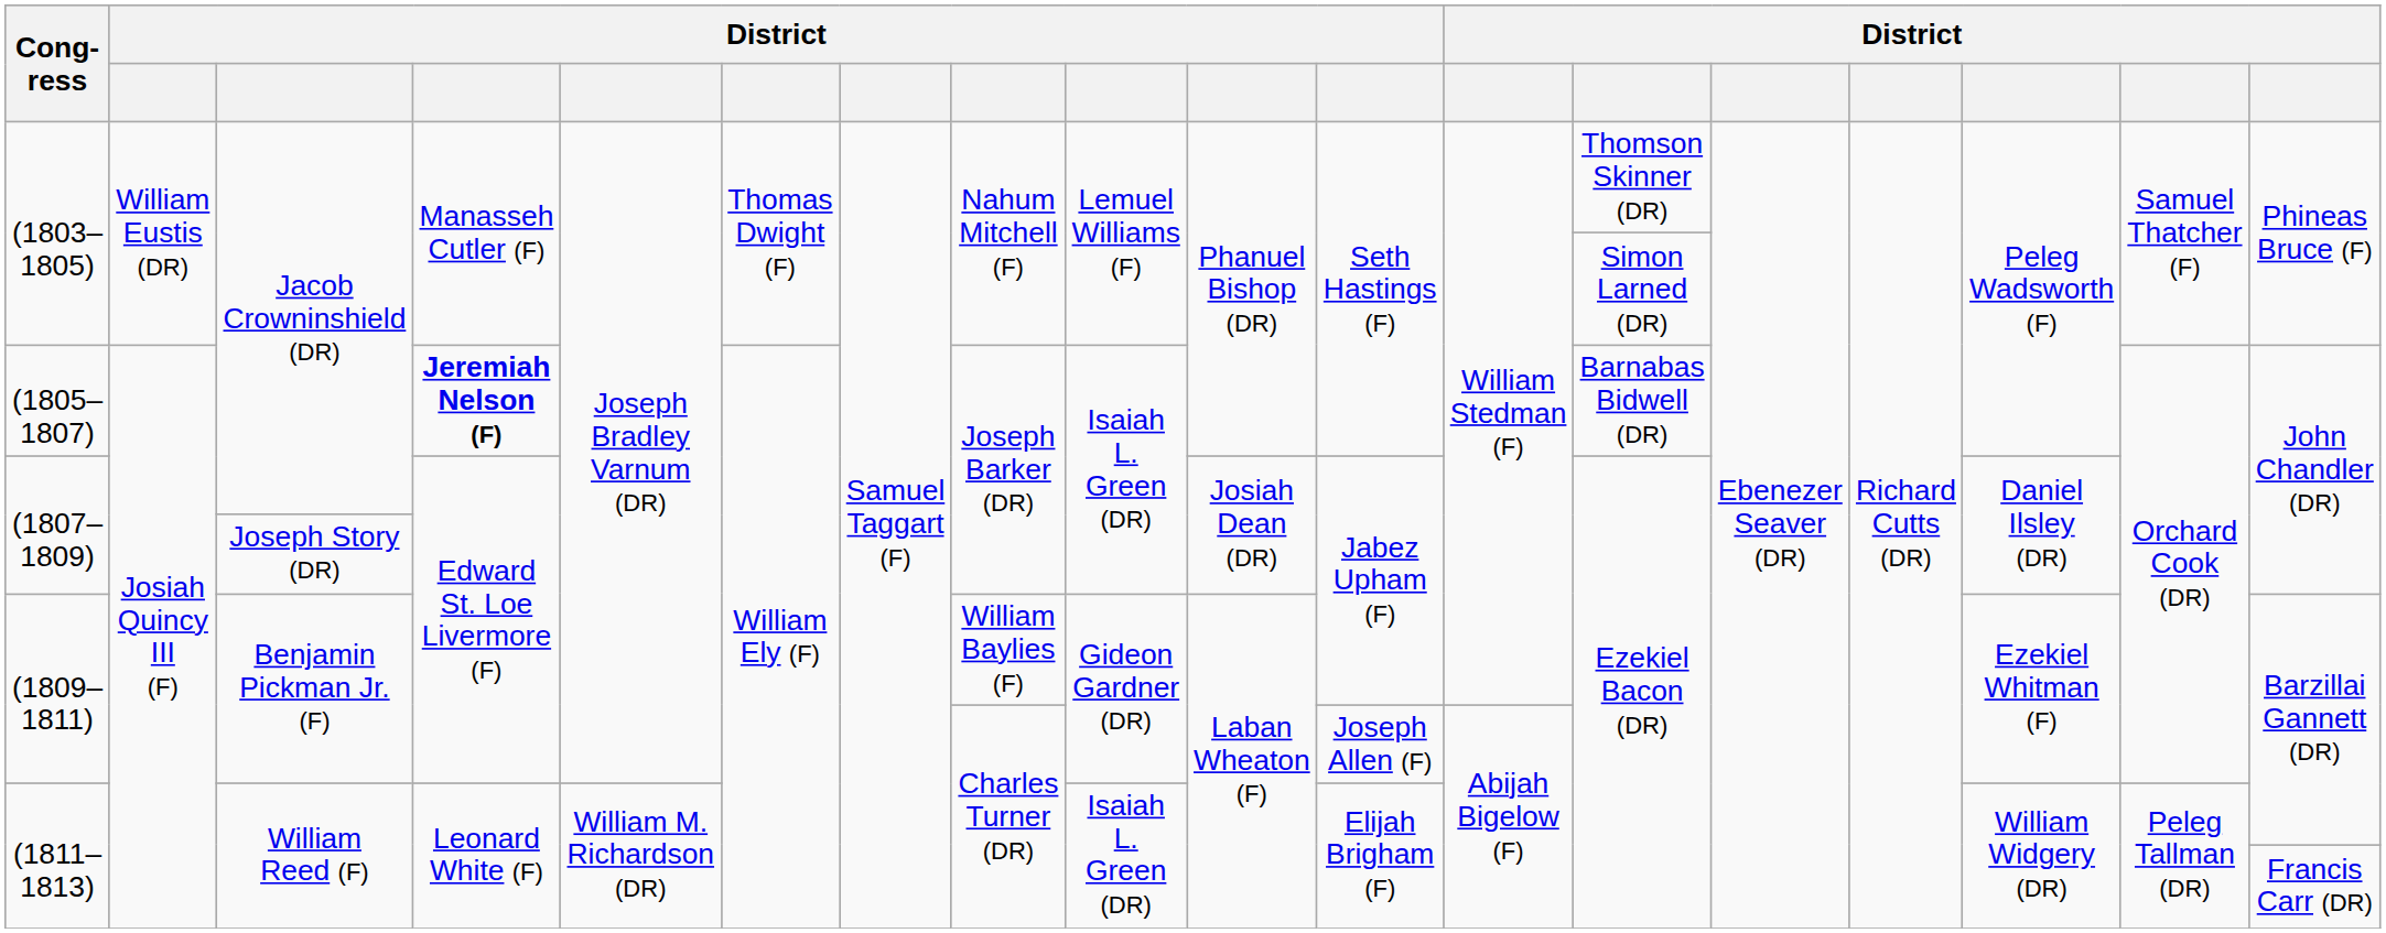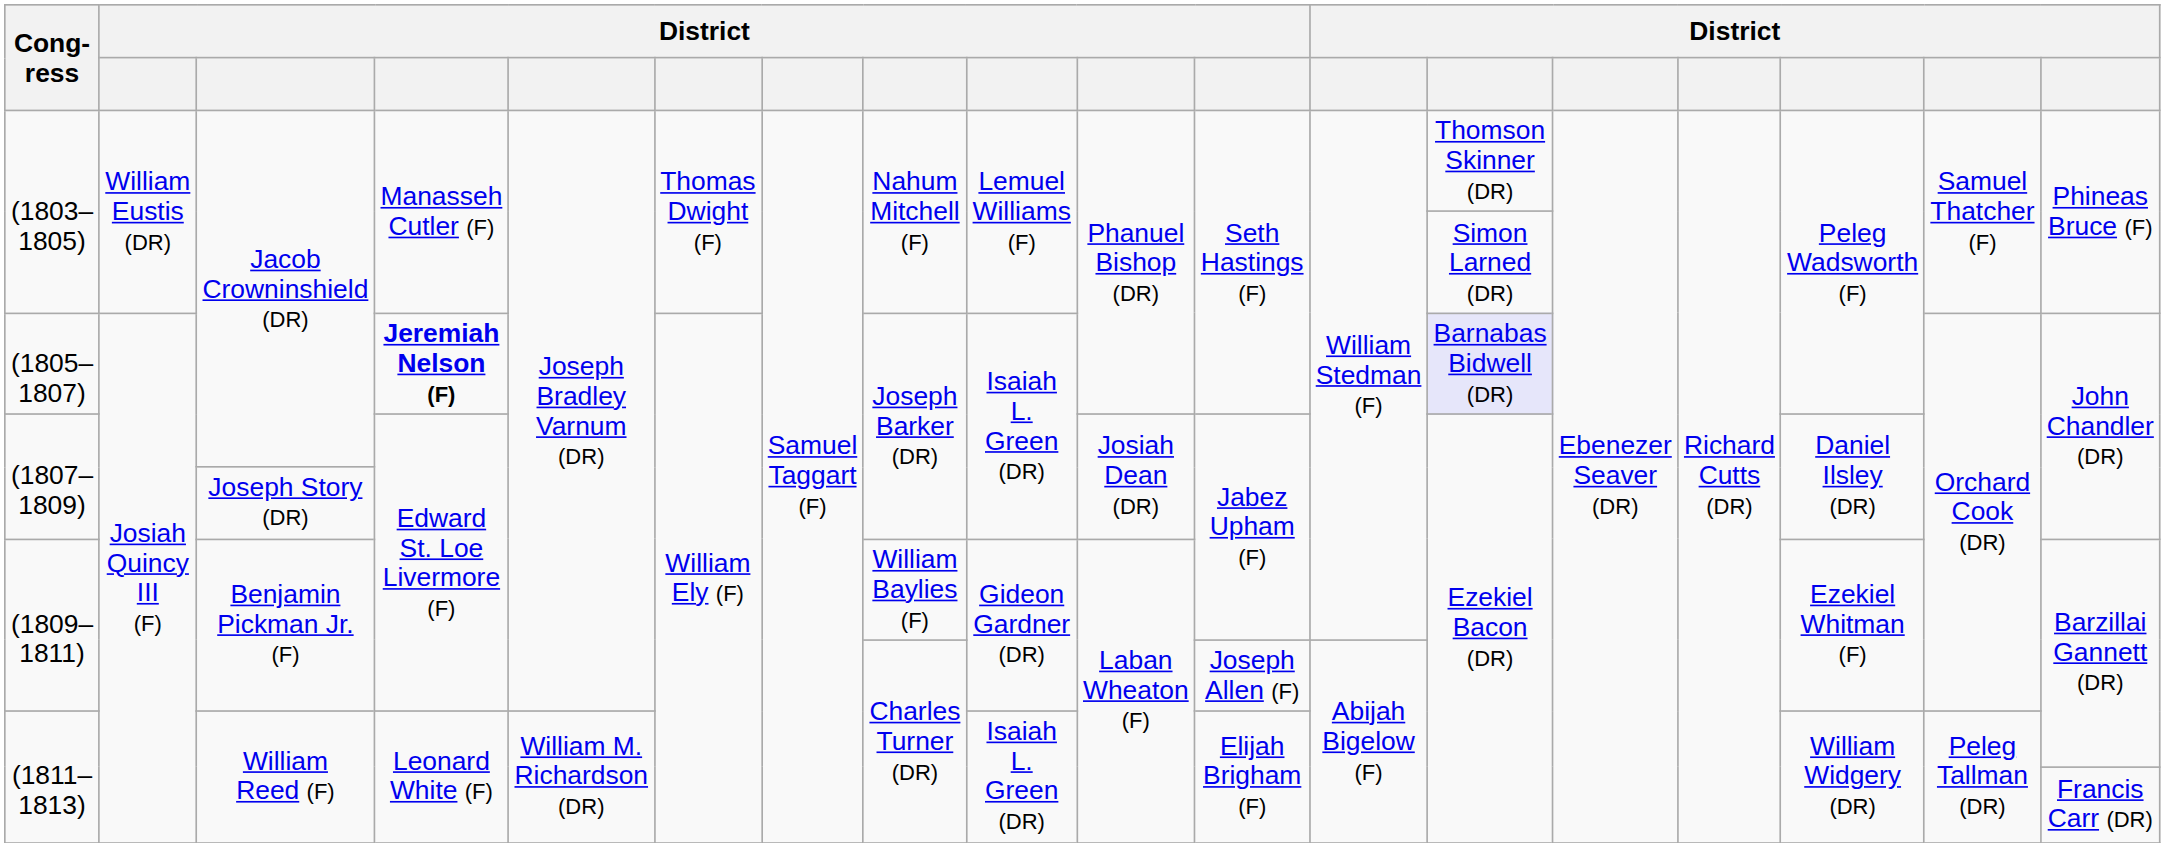 <table class=wikitable style="text-align:center">
 <tr style="height:2em">
 <th rowspan=2>Cong­ress</th>
 <th colspan=10>District</th>
 <th colspan=7>District</th>
 </tr>
 <tr style="height:2em">
 <th></th>
 <th></th>
 <th></th>
 <th></th>
 <th></th>
 <th></th>
 <th></th>
 <th></th>
 <th></th>
 <th></th>
 <th></th>
 <th></th>
 <th></th>
 <th></th>
 <th></th>
 <th></th>
 <th></th>
 </tr>
 <tr style="height:2em">
 <td scope=row rowspan=2><strong></strong><br>(1803–1805)</td>
 <td rowspan=2 ><a href='#'>William<br>Eustis</a> <small>(DR)</small></td>
 <td rowspan=4 ><a href='#'>Jacob<br>Crowninshield</a><br><small>(DR)</small></td>
 <td rowspan=2 ><a href='#'>Manasseh<br>Cutler</a> <small>(F)</small></td>
 <td rowspan=7 ><a href='#'>Joseph<br>Bradley<br>Varnum</a><br><small>(DR)</small></td>
 <td rowspan=2 ><a href='#'>Thomas<br>Dwight</a> <small>(F)</small></td>
 <td rowspan=9 ><a href='#'>Samuel<br>Taggart</a><br><small>(F)</small></td>
 <td rowspan=2 ><a href='#'>Nahum<br>Mitchell</a> <small>(F)</small></td>
 <td rowspan=2 ><a href='#'>Lemuel<br>Williams</a> <small>(F)</small></td>
 <td rowspan=3 ><a href='#'>Phanuel<br>Bishop</a><br><small>(DR)</small></td>
 <td rowspan=3 ><a href='#'>Seth<br>Hastings</a> <small>(F)</small></td>
 <td rowspan=6 ><a href='#'>William<br>Stedman</a><br><small>(F)</small></td>
 <td><a href='#'>Thomson Skinner</a> <small>(DR)</small></td>
 <td rowspan=9 ><a href='#'>Ebenezer<br>Seaver</a><br><small>(DR)</small></td>
 <td rowspan=9 ><a href='#'>Richard<br>Cutts</a><br><small>(DR)</small></td>
 <td rowspan=3 ><a href='#'>Peleg<br>Wadsworth</a><br><small>(F)</small></td>
 <td rowspan=2 ><a href='#'>Samuel<br>Thatcher</a> <small>(F)</small></td>
 <td rowspan=2 ><a href='#'>Phineas<br>Bruce</a> <small>(F)</small></td>
 </tr>
 <tr style="height:2em">
 <td><a href='#'>Simon Larned</a> <small>(DR)</small></td>
 </tr>
 <tr style="height:2em">
 <td scope=row><strong></strong><br>(1805–1807)</td>
 <td rowspan=7 ><a href='#'>Josiah<br>Quincy III</a><br><small>(F)</small></td>
 <td><strong><a href='#'>Jeremiah<br>Nelson</a> <small>(F)</small></strong></td>
 <td rowspan=7 ><a href='#'>William<br>Ely</a> <small>(F)</small></td>
 <td rowspan=3 ><a href='#'>Joseph<br>Barker</a> <small>(DR)</small></td>
 <td rowspan=3 ><a href='#'>Isaiah L.<br>Green</a><br><small>(DR)</small></td>
-<td><a href='#'>Barnabas<br>Bidwell</a> <small>(DR)</small></td>
+<td style="background: lavender;"><a href='#'>Barnabas<br>Bidwell</a> <small>(DR)</small></td>
 <td rowspan=5 ><a href='#'>Orchard<br>Cook</a><br><small>(DR)</small></td>
 <td rowspan=3 ><a href='#'>John<br>Chandler</a><br><small>(DR)</small></td>
 </tr>
 <tr style="height:2em">
 <td scope=row rowspan=2><strong></strong><br>(1807–1809)</td>
 <td rowspan=4 ><a href='#'>Edward<br>St. Loe<br>Livermore</a><br><small>(F)</small></td>
 <td rowspan=2 ><a href='#'>Josiah<br>Dean</a> <small>(DR)</small></td>
 <td rowspan=3 ><a href='#'>Jabez<br>Upham</a> <small>(F)</small></td>
 <td rowspan=6 ><a href='#'>Ezekiel<br>Bacon</a> <small>(DR)</small></td>
 <td rowspan=2 ><a href='#'>Daniel<br>Ilsley</a><br><small>(DR)</small></td>
 </tr>
 <tr style="height:2em">
 <td><a href='#'>Joseph Story</a> <small>(DR)</small></td>
 </tr>
 <tr style="height:2em">
 <td scope=row rowspan=2><strong></strong><br>(1809–1811)</td>
 <td rowspan=2 ><a href='#'>Benjamin<br>Pickman Jr.</a> <small>(F)</small></td>
 <td><a href='#'>William Baylies</a> <small>(F)</small></td>
 <td rowspan=2 ><a href='#'>Gideon<br>Gardner</a><br><small>(DR)</small></td>
 <td rowspan=4 ><a href='#'>Laban<br>Wheaton</a><br><small>(F)</small></td>
 <td rowspan=2 ><a href='#'>Ezekiel<br>Whitman</a><br><small>(F)</small></td>
 <td rowspan=3 ><a href='#'>Barzillai<br>Gannett</a><br><small>(DR)</small></td>
 </tr>
 <tr style="height:2em">
 <td rowspan=3 ><a href='#'>Charles Turner</a> <small>(DR)</small></td>
 <td><a href='#'>Joseph Allen</a> <small>(F)</small></td>
 <td rowspan=3 ><a href='#'>Abijah<br>Bigelow</a><br><small>(F)</small></td>
 </tr>
 <tr style="height:2em">
 <td scope=row rowspan=2><strong></strong><br>(1811–1813)</td>
 <td rowspan=2 ><a href='#'>William<br>Reed</a> <small>(F)</small></td>
 <td rowspan=2 ><a href='#'>Leonard<br>White</a> <small>(F)</small></td>
 <td rowspan=2 ><a href='#'>William M.<br>Richardson</a><br><small>(DR)</small></td>
 <td rowspan=2 ><a href='#'>Isaiah L.<br>Green</a><br><small>(DR)</small></td>
 <td rowspan=2 ><a href='#'>Elijah<br>Brigham</a> <small>(F)</small></td>
 <td rowspan=2 ><a href='#'>William<br>Widgery</a><br><small>(DR)</small></td>
 <td rowspan=2 ><a href='#'>Peleg<br>Tallman</a><br><small>(DR)</small></td>
 </tr>
 <tr style="height:2em">
 <td><a href='#'>Francis Carr</a> <small>(DR)</small></td>
 </tr>
 </table>
